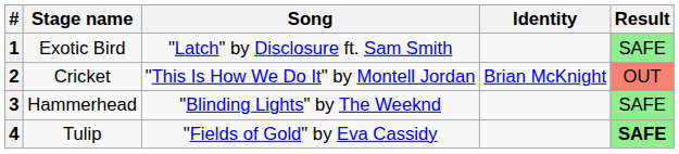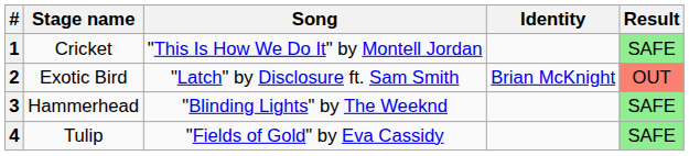 <table class="wikitable plainrowheaders" style="text-align: center;">
 <tr>
 <th>#</th>
 <th>Stage name</th>
 <th>Song</th>
 <th>Identity</th>
 <th colspan=2>Result</th>
 </tr>
 <tr>
 <th>1</th>
-<td>Exotic Bird</td>
-<td>"<a href='#'>Latch</a>" by <a href='#'>Disclosure</a> ft. <a href='#'>Sam Smith</a></td>
+<td>Cricket</td>
+<td>"<a href='#'>This Is How We Do It</a>" by <a href='#'>Montell Jordan</a></td>
 <td></td>
 <td bgcolor=lightgreen>SAFE</td>
 </tr>
 <tr>
 <th>2</th>
-<td>Cricket</td>
-<td>"<a href='#'>This Is How We Do It</a>" by <a href='#'>Montell Jordan</a></td>
+<td>Exotic Bird</td>
+<td>"<a href='#'>Latch</a>" by <a href='#'>Disclosure</a> ft. <a href='#'>Sam Smith</a></td>
 <td><a href='#'>Brian McKnight</a></td>
 <td bgcolor=salmon>OUT</td>
 </tr>
 <tr>
 <th>3</th>
 <td>Hammerhead</td>
 <td>"<a href='#'>Blinding Lights</a>" by <a href='#'>The Weeknd</a></td>
 <td></td>
 <td bgcolor=lightgreen>SAFE</td>
 </tr>
 <tr>
 <th>4</th>
 <td>Tulip</td>
 <td>"<a href='#'>Fields of Gold</a>" by <a href='#'>Eva Cassidy</a></td>
 <td></td>
-<td bgcolor=lightgreen><strong>SAFE</strong></td>
+<td bgcolor=lightgreen>SAFE</td>
 </tr>
 </table>
